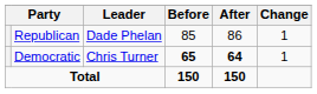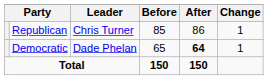 <table class="wikitable" style="text-align:center;">
 <tr>
 </tr>
 <tr>
 <th colspan=2>Party</th>
 <th>Leader</th>
 <th style="width:3em">Before</th>
 <th style="width:3em">After</th>
 <th style="width:3em">Change</th>
 </tr>
 <tr>
 <th style="background-color:"></th>
 <td style="text-align:left;"><a href='#'>Republican</a></td>
-<td style="text-align:left;"><a href='#'>Dade Phelan</a></td>
+<td style="text-align:left;"><a href='#'>Chris Turner</a></td>
 <td>85</td>
 <td>86</td>
 <td>1</td>
 </tr>
 <tr>
 <th style="background-color:"></th>
 <td style="text-align:left;"><a href='#'>Democratic</a></td>
-<td style="text-align:left;"><a href='#'>Chris Turner</a></td>
-<td><strong>65</strong></td>
+<td style="text-align:left;"><a href='#'>Dade Phelan</a></td>
+<td>65</td>
 <td><strong>64</strong></td>
 <td>1</td>
 </tr>
 <tr>
 <td colspan=3><strong>Total</strong></td>
 <td><strong>150</strong></td>
 <td><strong>150</strong></td>
 <td></td>
 </tr>
 </table>
